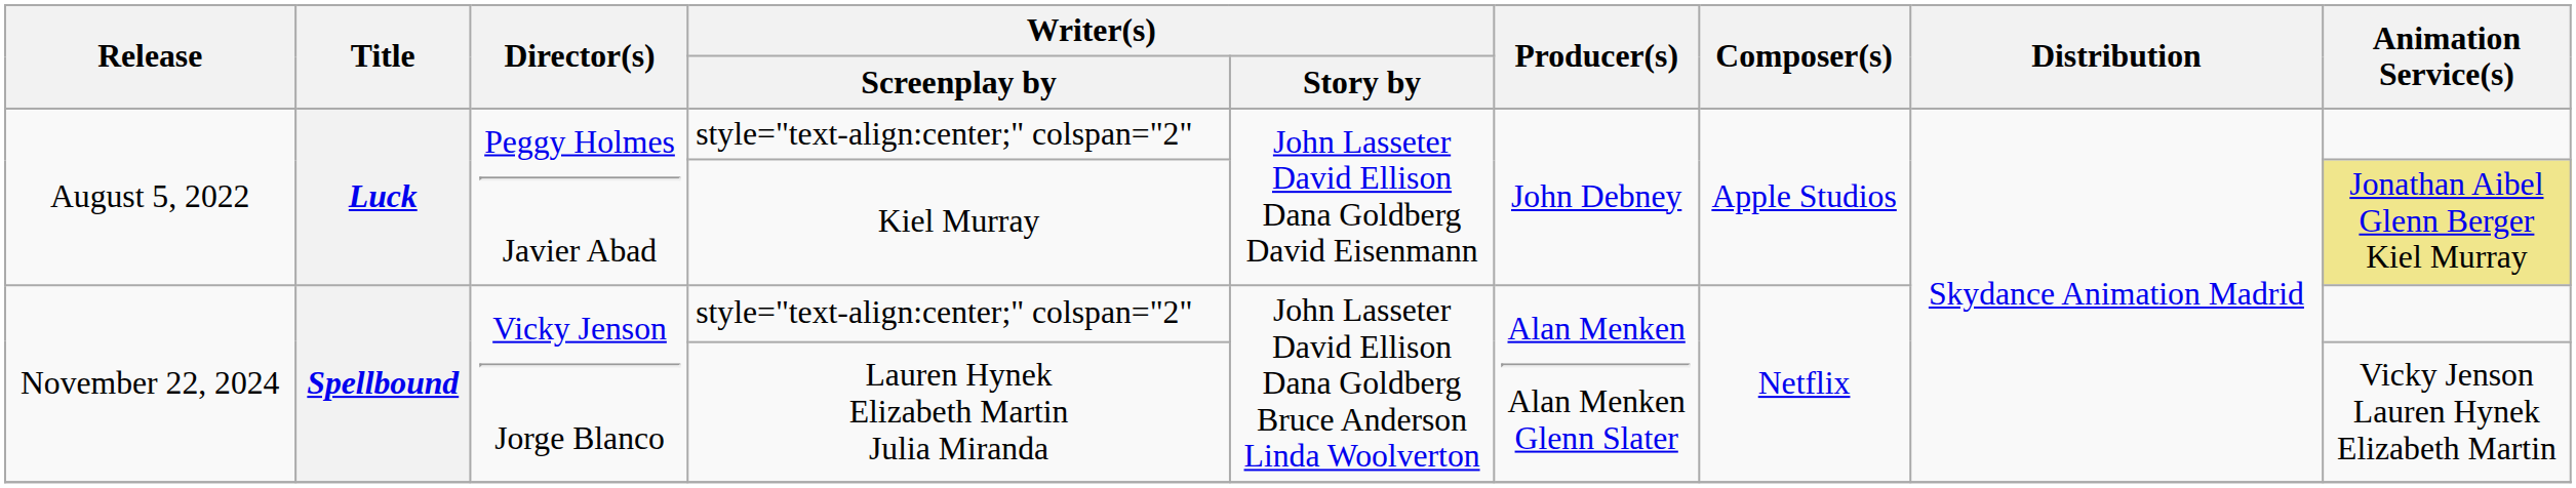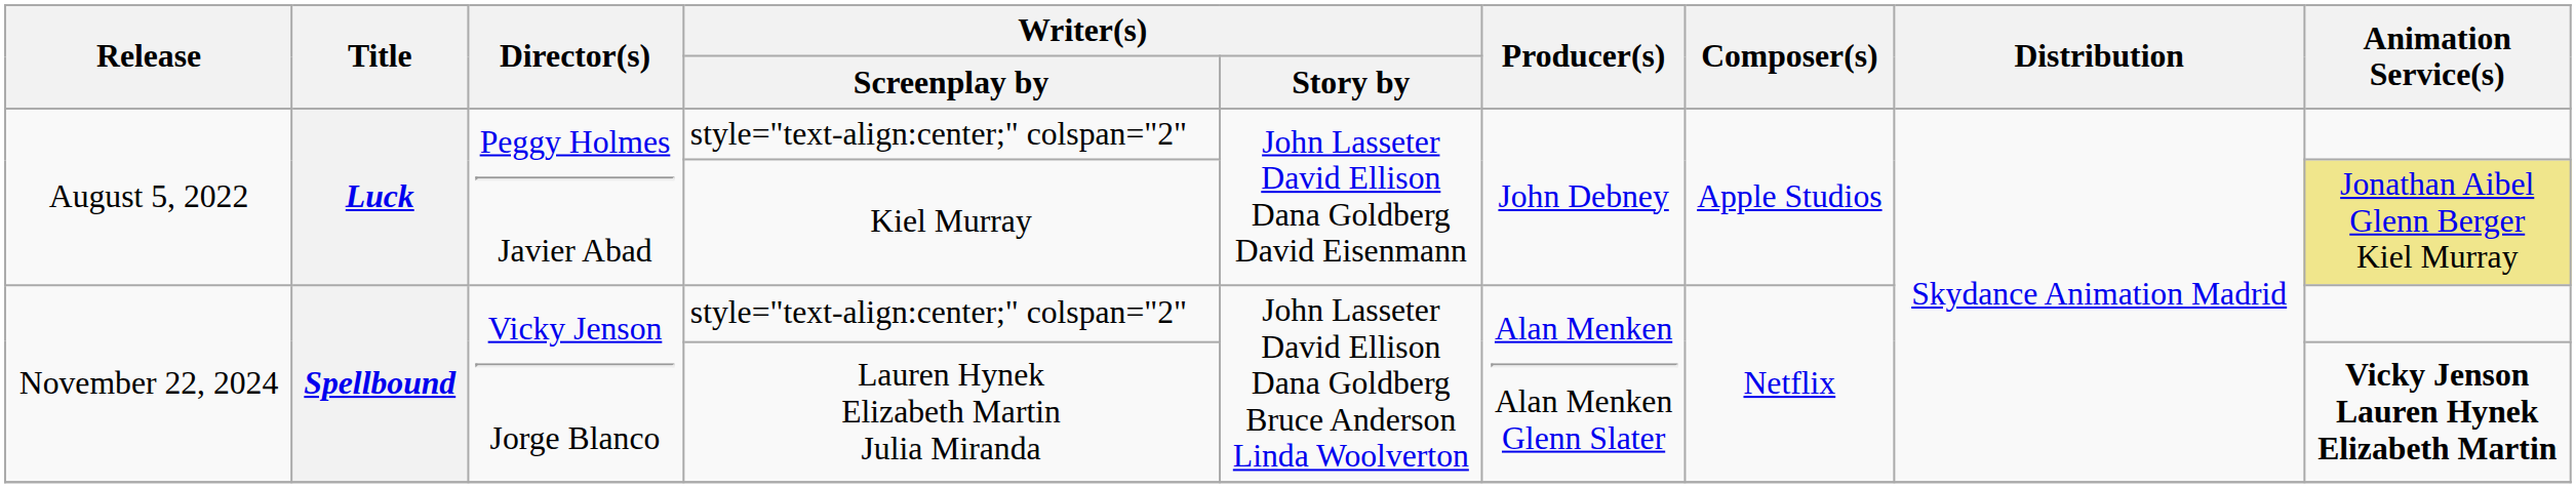 <table class="wikitable plainrowheaders" style="width:100%;">
 <tr>
 <th scope="col" rowspan="2">Release</th>
 <th scope="col" rowspan="2">Title</th>
 <th scope="col" rowspan="2">Director(s)</th>
 <th scope="col" colspan=2>Writer(s)</th>
 <th scope="col" rowspan="2">Producer(s)</th>
 <th scope="col" rowspan="2">Composer(s)</th>
 <th scope="col" rowspan="2">Distribution</th>
 <th scope="col" rowspan="2">Animation<br>Service(s)</th>
 </tr>
 <tr>
 <th scope="col">Screenplay by</th>
 <th scope="col">Story by</th>
 </tr>
 <tr>
 <td scope="row" style="text-align:center;" rowspan="2">August 5, 2022</td>
 <th scope="row" rowspan="2"><em><a href='#'>Luck</a></em></th>
 <td style="text-align:center;" rowspan="2"><a href='#'>Peggy Holmes</a><hr><br>Javier Abad</td>
 <td>style="text-align:center;" colspan="2" </td>
 <td style="text-align:center;" rowspan="2"><a href='#'>John Lasseter</a><br><a href='#'>David Ellison</a><br>Dana Goldberg<br>David Eisenmann</td>
 <td style="text-align:center;" rowspan="2"><a href='#'>John Debney</a></td>
 <td style="text-align:center;" rowspan="2"><a href='#'>Apple Studios</a></td>
 <td style="text-align:center;" rowspan="4"><a href='#'>Skydance Animation Madrid</a></td>
 </tr>
 <tr>
 <td style="text-align:center;">Kiel Murray</td>
 <td style="background: khaki; text-align:center;"><a href='#'>Jonathan Aibel<br>Glenn Berger</a><br>Kiel Murray</td>
 </tr>
 <tr>
 <td scope="row" style="text-align:center;" rowspan="2">November 22, 2024</td>
 <th scope="row" rowspan="2"><em><a href='#'>Spellbound</a></em></th>
 <td style="text-align:center;" rowspan="2"><a href='#'>Vicky Jenson</a><hr><br>Jorge Blanco</td>
 <td>style="text-align:center;" colspan="2" </td>
 <td style="text-align:center;" rowspan="2">John Lasseter<br>David Ellison<br>Dana Goldberg<br>Bruce Anderson<br><a href='#'>Linda Woolverton</a></td>
 <td style="text-align:center;" rowspan="2"><a href='#'>Alan Menken</a><br><hr>Alan Menken<br><a href='#'>Glenn Slater</a><br></td>
 <td rowspan="2" style="text-align:center;"><a href='#'>Netflix</a></td>
 </tr>
 <tr>
 <td style="text-align:center;">Lauren Hynek<br>Elizabeth Martin<br>Julia Miranda</td>
-<td style="text-align:center;">Vicky Jenson<br>Lauren Hynek<br>Elizabeth Martin</td>
+<td style="text-align:center;"><strong>Vicky Jenson<br>Lauren Hynek<br>Elizabeth Martin</strong></td>
 </tr>
 <tr>
 </tr>
 </table>
